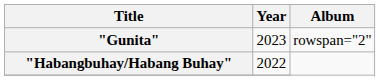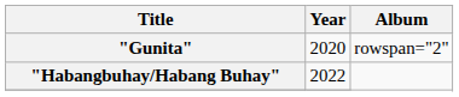 <table class="wikitable plainrowheaders" style="text-align:center;">
 <tr>
 <th scope="col" width="260">Title</th>
 <th scope="col">Year</th>
 <th scope="col">Album</th>
 </tr>
 <tr>
 <th scope="row">"Gunita"<br></th>
-<td>2023</td>
+<td>2020</td>
 <td>rowspan="2" </td>
 </tr>
 <tr>
 <th scope="row">"Habangbuhay/Habang Buhay"<br></th>
 <td>2022</td>
 </tr>
 <tr>
 </tr>
 </table>
